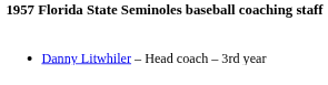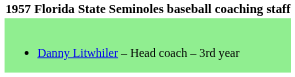 <table class="toccolours">
 <tr>
 <th colspan=9>1957 Florida State Seminoles baseball coaching staff</th>
 </tr>
 <tr>
-<td style="text-align: left; font-size: 95%;" valign="top"><br><ul><li><a href='#'>Danny Litwhiler</a> – Head coach – 3rd year</li></ul></td>
+<td style="background: lightgreen; text-align: left; font-size: 95%;" valign="top"><br><ul><li><a href='#'>Danny Litwhiler</a> – Head coach – 3rd year</li></ul></td>
 </tr>
 </table>
